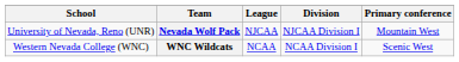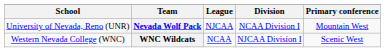 <table class="wikitable" style="font-size: 90%;" |>
 <tr>
 </tr>
 <tr style="text-align:center;">
 <th>School</th>
 <th>Team</th>
 <th>League</th>
 <th>Division</th>
 <th>Primary conference</th>
 </tr>
 <tr style="text-align:center;">
 <td><a href='#'>University of Nevada, Reno</a> (UNR)</td>
 <th><a href='#'>Nevada Wolf Pack</a></th>
 <td><a href='#'>NJCAA</a></td>
-<td><a href='#'>NJCAA Division I</a></td>
+<td><a href='#'>NCAA Division I</a></td>
 <td><a href='#'>Mountain West</a></td>
 </tr>
 <tr style="text-align:center;">
 <td><a href='#'>Western Nevada College</a> (WNC)</td>
 <th>WNC Wildcats</th>
 <td><a href='#'>NCAA</a></td>
-<td><a href='#'>NCAA Division I</a></td>
+<td><a href='#'>NJCAA Division I</a></td>
 <td><a href='#'>Scenic West</a></td>
 </tr>
 </table>
